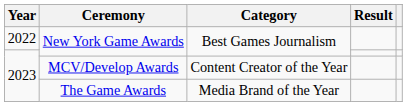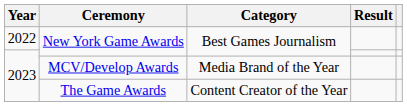 <table class="wikitable" style="text-align:center;">
 <tr>
 <th>Year</th>
 <th>Ceremony</th>
 <th>Category</th>
 <th>Result</th>
 <th></th>
 </tr>
 <tr>
 <td>2022</td>
 <td rowspan="2"><a href='#'>New York Game Awards</a></td>
 <td rowspan="2">Best Games Journalism</td>
 <td></td>
 <td></td>
 </tr>
 <tr>
 <td rowspan="3">2023</td>
 <td></td>
 <td></td>
 </tr>
 <tr>
 <td><a href='#'>MCV/Develop Awards</a></td>
-<td>Content Creator of the Year</td>
+<td>Media Brand of the Year</td>
 <td></td>
 <td></td>
 </tr>
 <tr>
 <td><a href='#'>The Game Awards</a></td>
-<td>Media Brand of the Year</td>
+<td>Content Creator of the Year</td>
 <td></td>
 <td></td>
 </tr>
 </table>
